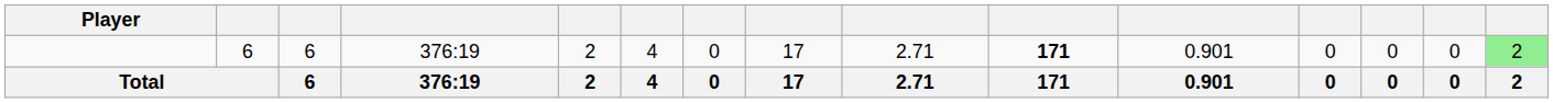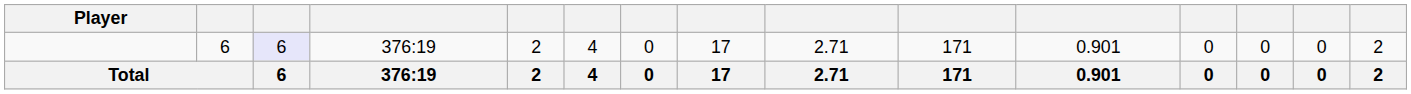 <table class="wikitable sortable" style="width:100%; text-align:center;">
 <tr>
 <th>Player</th>
 <th></th>
 <th></th>
 <th></th>
 <th></th>
 <th></th>
 <th></th>
 <th></th>
 <th></th>
 <th></th>
 <th></th>
 <th></th>
 <th></th>
 <th></th>
 <th></th>
 </tr>
 <tr>
 <td></td>
 <td>6</td>
-<td>6</td>
+<td style="background: lavender;">6</td>
 <td>376:19</td>
 <td>2</td>
 <td>4</td>
 <td>0</td>
 <td>17</td>
 <td>2.71</td>
-<td><strong>171</strong></td>
+<td>171</td>
 <td>0.901</td>
 <td>0</td>
 <td>0</td>
 <td>0</td>
-<td style="background: lightgreen;">2</td>
+<td>2</td>
 </tr>
 <tr class="sortbottom">
 <th colspan=2>Total</th>
 <th>6</th>
 <th>376:19</th>
 <th>2</th>
 <th>4</th>
 <th>0</th>
 <th>17</th>
 <th>2.71</th>
 <th>171</th>
 <th>0.901</th>
 <th>0</th>
 <th>0</th>
 <th>0</th>
 <th>2</th>
 </tr>
 </table>
